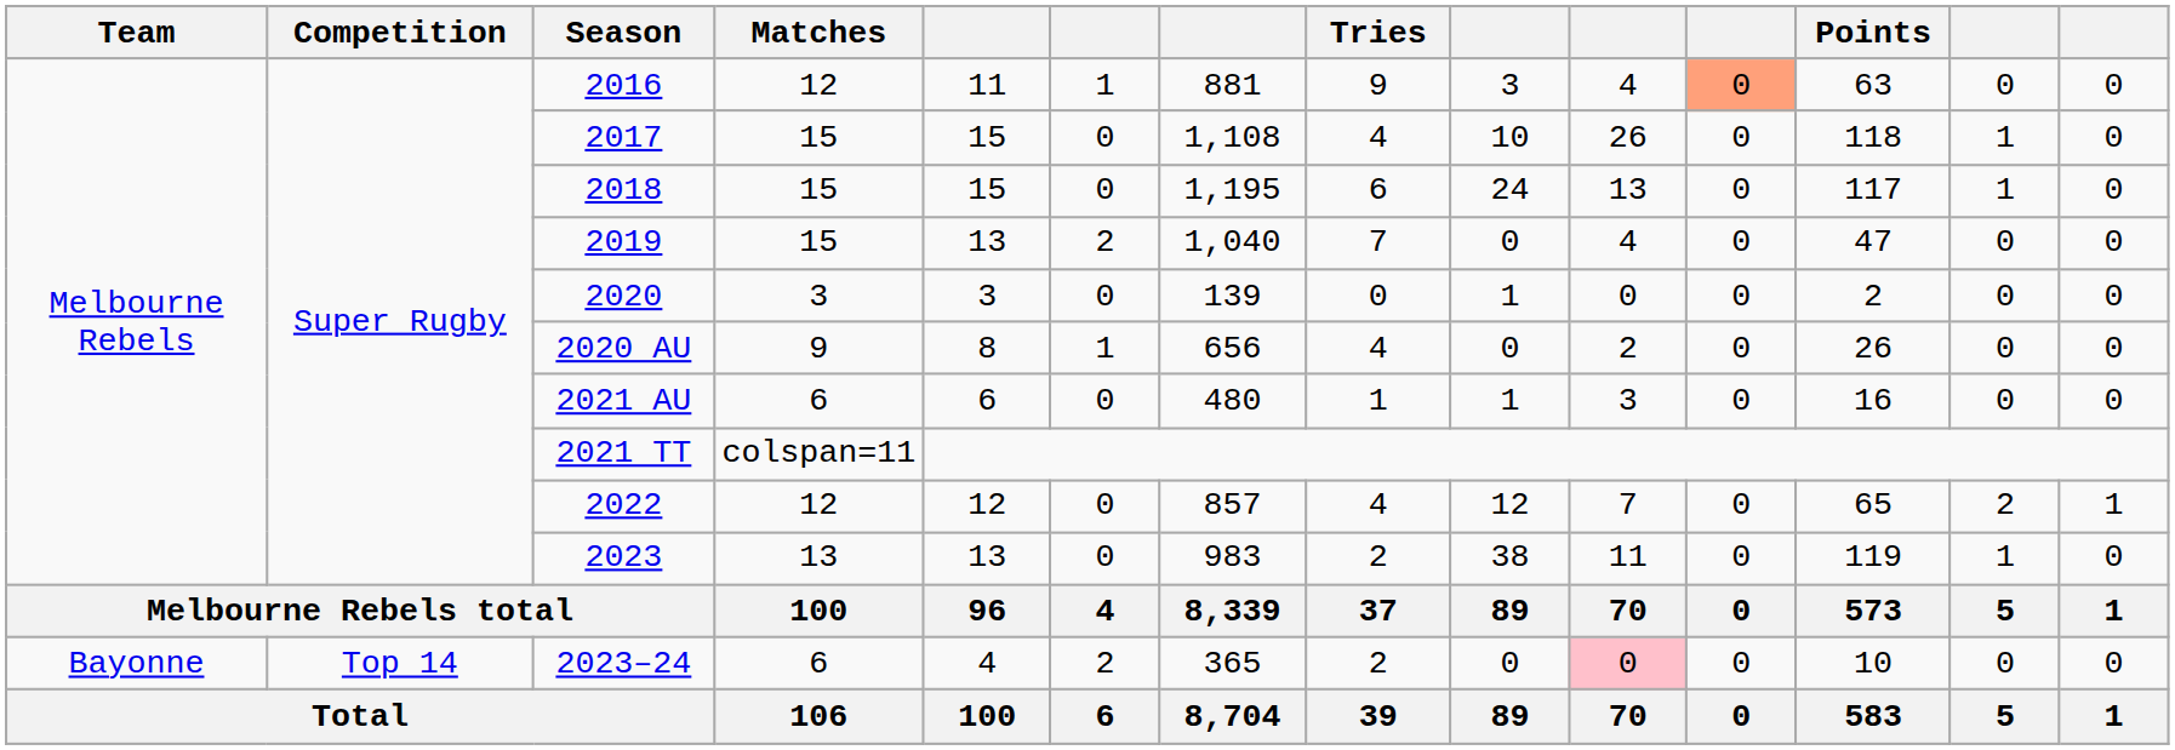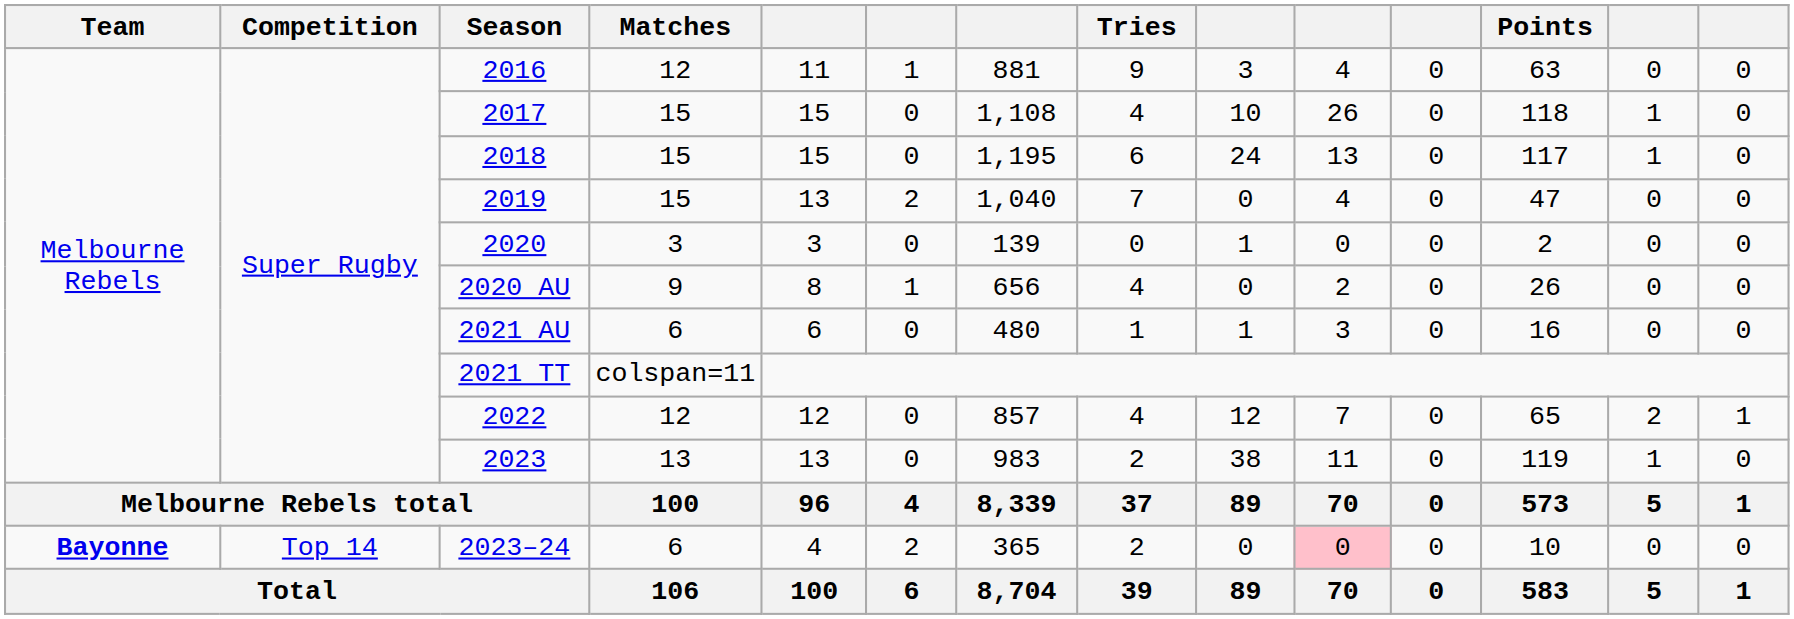 <table class="wikitable" style="text-align:center;">
 <tr>
 <th width=125px>Team</th>
 <th width=115px>Competition</th>
 <th width=85px>Season</th>
 <th width=65px>Matches</th>
 <th width=65px></th>
 <th width=65px></th>
 <th width=65px></th>
 <th width=65px>Tries</th>
 <th width=65px></th>
 <th width=65px></th>
 <th width=65px></th>
 <th width=65px>Points</th>
 <th width=65px> </th>
 <th width=65px> </th>
 </tr>
 <tr>
 <td rowspan=10><a href='#'>Melbourne Rebels</a></td>
 <td rowspan=10><a href='#'>Super Rugby</a></td>
 <td><a href='#'>2016</a></td>
 <td>12</td>
 <td>11</td>
 <td>1</td>
 <td>881</td>
 <td>9</td>
 <td>3</td>
 <td>4</td>
-<td style="background: lightsalmon;">0</td>
+<td>0</td>
 <td>63</td>
 <td>0</td>
 <td>0</td>
 </tr>
 <tr>
 <td><a href='#'>2017</a></td>
 <td>15</td>
 <td>15</td>
 <td>0</td>
 <td>1,108</td>
 <td>4</td>
 <td>10</td>
 <td>26</td>
 <td>0</td>
 <td>118</td>
 <td>1</td>
 <td>0</td>
 </tr>
 <tr>
 <td><a href='#'>2018</a></td>
 <td>15</td>
 <td>15</td>
 <td>0</td>
 <td>1,195</td>
 <td>6</td>
 <td>24</td>
 <td>13</td>
 <td>0</td>
 <td>117</td>
 <td>1</td>
 <td>0</td>
 </tr>
 <tr>
 <td><a href='#'>2019</a></td>
 <td>15</td>
 <td>13</td>
 <td>2</td>
 <td>1,040</td>
 <td>7</td>
 <td>0</td>
 <td>4</td>
 <td>0</td>
 <td>47</td>
 <td>0</td>
 <td>0</td>
 </tr>
 <tr>
 <td><a href='#'>2020</a></td>
 <td>3</td>
 <td>3</td>
 <td>0</td>
 <td>139</td>
 <td>0</td>
 <td>1</td>
 <td>0</td>
 <td>0</td>
 <td>2</td>
 <td>0</td>
 <td>0</td>
 </tr>
 <tr>
 <td><a href='#'>2020 AU</a></td>
 <td>9</td>
 <td>8</td>
 <td>1</td>
 <td>656</td>
 <td>4</td>
 <td>0</td>
 <td>2</td>
 <td>0</td>
 <td>26</td>
 <td>0</td>
 <td>0</td>
 </tr>
 <tr>
 <td><a href='#'>2021 AU</a></td>
 <td>6</td>
 <td>6</td>
 <td>0</td>
 <td>480</td>
 <td>1</td>
 <td>1</td>
 <td>3</td>
 <td>0</td>
 <td>16</td>
 <td>0</td>
 <td>0</td>
 </tr>
 <tr>
 <td><a href='#'>2021 TT</a></td>
 <td>colspan=11 </td>
 </tr>
 <tr>
 <td><a href='#'>2022</a></td>
 <td>12</td>
 <td>12</td>
 <td>0</td>
 <td>857</td>
 <td>4</td>
 <td>12</td>
 <td>7</td>
 <td>0</td>
 <td>65</td>
 <td>2</td>
 <td>1</td>
 </tr>
 <tr>
 <td><a href='#'>2023</a></td>
 <td>13</td>
 <td>13</td>
 <td>0</td>
 <td>983</td>
 <td>2</td>
 <td>38</td>
 <td>11</td>
 <td>0</td>
 <td>119</td>
 <td>1</td>
 <td>0</td>
 </tr>
 <tr>
 <th colspan=3>Melbourne Rebels total</th>
 <th>100</th>
 <th>96</th>
 <th>4</th>
 <th>8,339</th>
 <th>37</th>
 <th>89</th>
 <th>70</th>
 <th>0</th>
 <th>573</th>
 <th>5</th>
 <th>1</th>
 </tr>
 <tr>
-<td><a href='#'>Bayonne</a></td>
+<td><strong><a href='#'>Bayonne</a></strong></td>
 <td><a href='#'>Top 14</a></td>
 <td><a href='#'>2023–24</a></td>
 <td>6</td>
 <td>4</td>
 <td>2</td>
 <td>365</td>
 <td>2</td>
 <td>0</td>
 <td style="background: pink;">0</td>
 <td>0</td>
 <td>10</td>
 <td>0</td>
 <td>0</td>
 </tr>
 <tr>
 <th colspan=3>Total</th>
 <th>106</th>
 <th>100</th>
 <th>6</th>
 <th>8,704</th>
 <th>39</th>
 <th>89</th>
 <th>70</th>
 <th>0</th>
 <th>583</th>
 <th>5</th>
 <th>1</th>
 </tr>
 </table>
